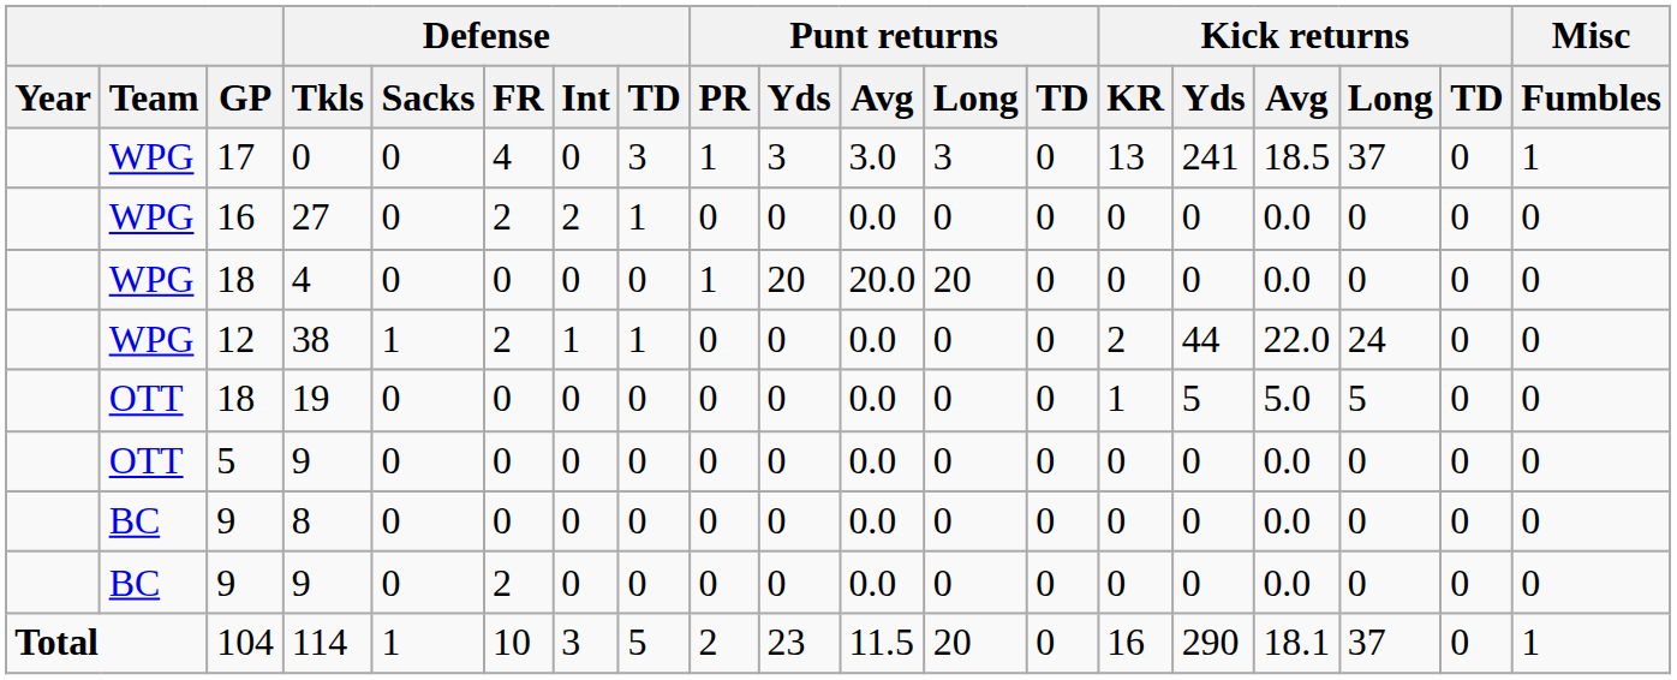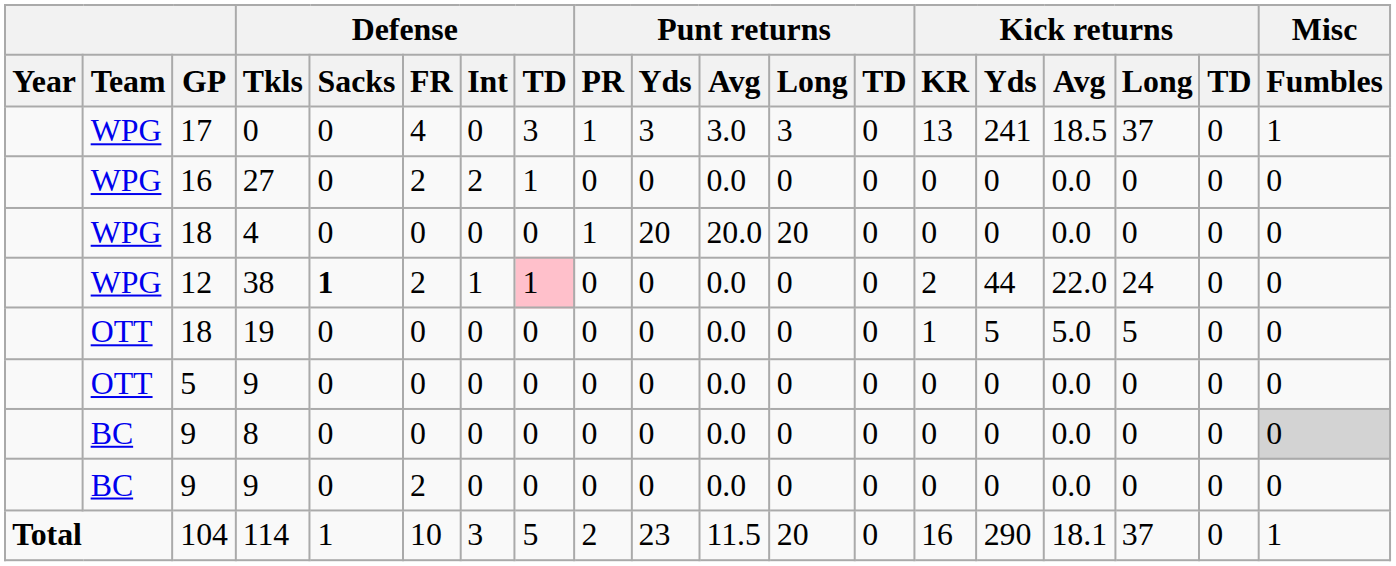 <table class="wikitable">
 <tr>
 <th colspan=3></th>
 <th colspan=5>Defense</th>
 <th colspan=5>Punt returns</th>
 <th colspan=5>Kick returns</th>
 <th>Misc</th>
 </tr>
 <tr>
 <th>Year</th>
 <th>Team</th>
 <th>GP</th>
 <th>Tkls</th>
 <th>Sacks</th>
 <th>FR</th>
 <th>Int</th>
 <th>TD</th>
 <th>PR</th>
 <th>Yds</th>
 <th>Avg</th>
 <th>Long</th>
 <th>TD</th>
 <th>KR</th>
 <th>Yds</th>
 <th>Avg</th>
 <th>Long</th>
 <th>TD</th>
 <th>Fumbles</th>
 </tr>
 <tr>
 <td></td>
 <td><a href='#'>WPG</a></td>
 <td>17</td>
 <td>0</td>
 <td>0</td>
 <td>4</td>
 <td>0</td>
 <td>3</td>
 <td>1</td>
 <td>3</td>
 <td>3.0</td>
 <td>3</td>
 <td>0</td>
 <td>13</td>
 <td>241</td>
 <td>18.5</td>
 <td>37</td>
 <td>0</td>
 <td>1</td>
 </tr>
 <tr>
 <td></td>
 <td><a href='#'>WPG</a></td>
 <td>16</td>
 <td>27</td>
 <td>0</td>
 <td>2</td>
 <td>2</td>
 <td>1</td>
 <td>0</td>
 <td>0</td>
 <td>0.0</td>
 <td>0</td>
 <td>0</td>
 <td>0</td>
 <td>0</td>
 <td>0.0</td>
 <td>0</td>
 <td>0</td>
 <td>0</td>
 </tr>
 <tr>
 <td></td>
 <td><a href='#'>WPG</a></td>
 <td>18</td>
 <td>4</td>
 <td>0</td>
 <td>0</td>
 <td>0</td>
 <td>0</td>
 <td>1</td>
 <td>20</td>
 <td>20.0</td>
 <td>20</td>
 <td>0</td>
 <td>0</td>
 <td>0</td>
 <td>0.0</td>
 <td>0</td>
 <td>0</td>
 <td>0</td>
 </tr>
 <tr>
 <td></td>
 <td><a href='#'>WPG</a></td>
 <td>12</td>
 <td>38</td>
-<td>1</td>
+<td><strong>1</strong></td>
 <td>2</td>
 <td>1</td>
-<td>1</td>
+<td style="background: pink;">1</td>
 <td>0</td>
 <td>0</td>
 <td>0.0</td>
 <td>0</td>
 <td>0</td>
 <td>2</td>
 <td>44</td>
 <td>22.0</td>
 <td>24</td>
 <td>0</td>
 <td>0</td>
 </tr>
 <tr>
 <td></td>
 <td><a href='#'>OTT</a></td>
 <td>18</td>
 <td>19</td>
 <td>0</td>
 <td>0</td>
 <td>0</td>
 <td>0</td>
 <td>0</td>
 <td>0</td>
 <td>0.0</td>
 <td>0</td>
 <td>0</td>
 <td>1</td>
 <td>5</td>
 <td>5.0</td>
 <td>5</td>
 <td>0</td>
 <td>0</td>
 </tr>
 <tr>
 <td></td>
 <td><a href='#'>OTT</a></td>
 <td>5</td>
 <td>9</td>
 <td>0</td>
 <td>0</td>
 <td>0</td>
 <td>0</td>
 <td>0</td>
 <td>0</td>
 <td>0.0</td>
 <td>0</td>
 <td>0</td>
 <td>0</td>
 <td>0</td>
 <td>0.0</td>
 <td>0</td>
 <td>0</td>
 <td>0</td>
 </tr>
 <tr>
 <td></td>
 <td><a href='#'>BC</a></td>
 <td>9</td>
 <td>8</td>
 <td>0</td>
 <td>0</td>
 <td>0</td>
 <td>0</td>
 <td>0</td>
 <td>0</td>
 <td>0.0</td>
 <td>0</td>
 <td>0</td>
 <td>0</td>
 <td>0</td>
 <td>0.0</td>
 <td>0</td>
 <td>0</td>
-<td>0</td>
+<td style="background: lightgrey;">0</td>
 </tr>
 <tr>
 <td></td>
 <td><a href='#'>BC</a></td>
 <td>9</td>
 <td>9</td>
 <td>0</td>
 <td>2</td>
 <td>0</td>
 <td>0</td>
 <td>0</td>
 <td>0</td>
 <td>0.0</td>
 <td>0</td>
 <td>0</td>
 <td>0</td>
 <td>0</td>
 <td>0.0</td>
 <td>0</td>
 <td>0</td>
 <td>0</td>
 </tr>
 <tr>
 <td colspan=2><strong>Total</strong></td>
 <td>104</td>
 <td>114</td>
 <td>1</td>
 <td>10</td>
 <td>3</td>
 <td>5</td>
 <td>2</td>
 <td>23</td>
 <td>11.5</td>
 <td>20</td>
 <td>0</td>
 <td>16</td>
 <td>290</td>
 <td>18.1</td>
 <td>37</td>
 <td>0</td>
 <td>1</td>
 </tr>
 </table>
